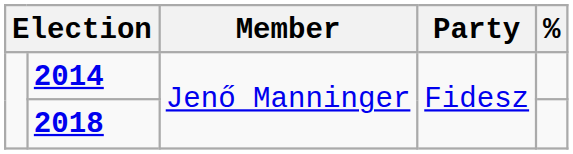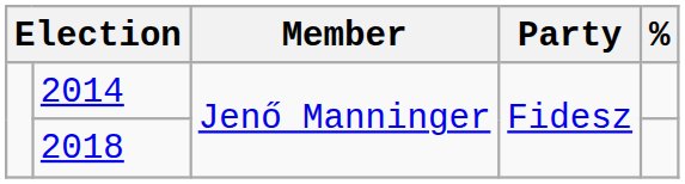 <table class=wikitable>
 <tr>
 <th colspan=2>Election</th>
 <th>Member</th>
 <th>Party</th>
 <th>%</th>
 </tr>
 <tr>
 <td rowspan=2 bgcolor=></td>
-<td><strong><a href='#'>2014</a></strong></td>
+<td><a href='#'>2014</a></td>
 <td rowspan=2><a href='#'>Jenő Manninger</a></td>
 <td rowspan=2><a href='#'>Fidesz</a></td>
 <td align=right></td>
 </tr>
 <tr>
-<td><strong><a href='#'>2018</a></strong></td>
+<td><a href='#'>2018</a></td>
 <td align=right></td>
 </tr>
 </table>
